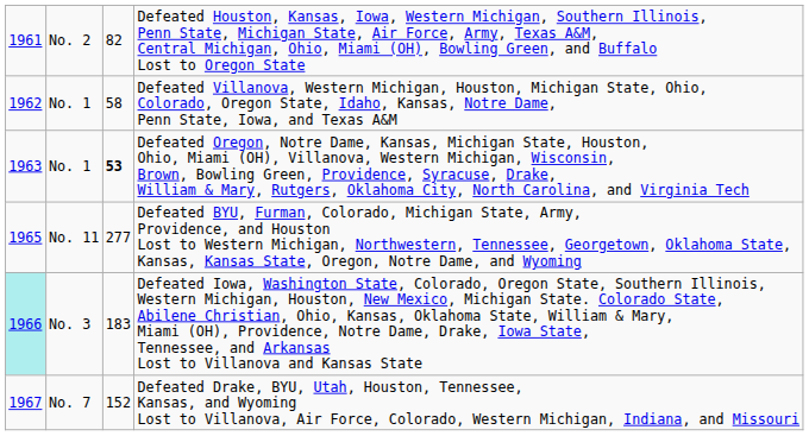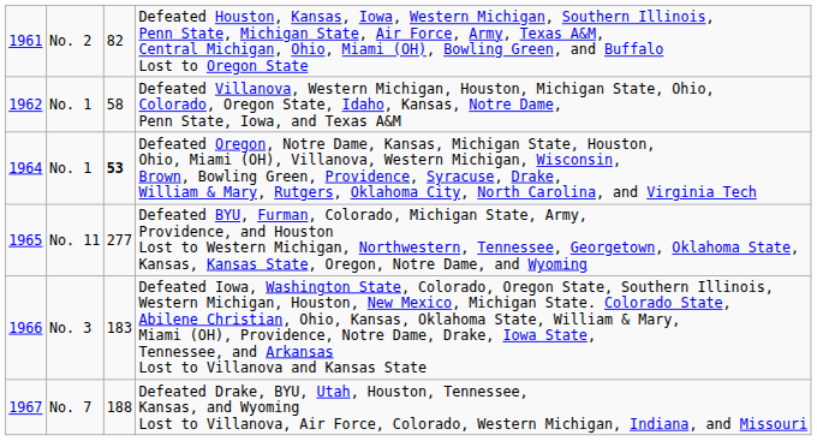 <table class="wikitable">
 <tr align="left" width="65%">
 <td><a href='#'>1961</a></td>
 <td>No. 2</td>
 <td>82</td>
 <td>Defeated <a href='#'>Houston</a>, <a href='#'>Kansas</a>, <a href='#'>Iowa</a>, <a href='#'>Western Michigan</a>, <a href='#'>Southern Illinois</a>, <br><a href='#'>Penn State</a>, <a href='#'>Michigan State</a>, <a href='#'>Air Force</a>, <a href='#'>Army</a>, <a href='#'>Texas A&M</a>, <br><a href='#'>Central Michigan</a>, <a href='#'>Ohio</a>, <a href='#'>Miami (OH)</a>, <a href='#'>Bowling Green</a>, and <a href='#'>Buffalo</a><br>Lost to <a href='#'>Oregon State</a></td>
 </tr>
 <tr align="left">
 <td><a href='#'>1962</a></td>
 <td>No. 1</td>
 <td>58</td>
 <td>Defeated <a href='#'>Villanova</a>, Western Michigan, Houston, Michigan State, Ohio, <br><a href='#'>Colorado</a>, Oregon State, <a href='#'>Idaho</a>, Kansas, <a href='#'>Notre Dame</a>, <br>Penn State, Iowa, and Texas A&M</td>
 </tr>
 <tr align="left">
-<td><a href='#'>1963</a></td>
+<td><a href='#'>1964</a></td>
 <td>No. 1</td>
 <td><strong>53</strong></td>
 <td>Defeated <a href='#'>Oregon</a>, Notre Dame, Kansas, Michigan State, Houston, <br>Ohio, Miami (OH), Villanova, Western Michigan, <a href='#'>Wisconsin</a>, <br><a href='#'>Brown</a>, Bowling Green, <a href='#'>Providence</a>, <a href='#'>Syracuse</a>, <a href='#'>Drake</a>, <br><a href='#'>William & Mary</a>, <a href='#'>Rutgers</a>, <a href='#'>Oklahoma City</a>, <a href='#'>North Carolina</a>, and <a href='#'>Virginia Tech</a></td>
 </tr>
 <tr align="left">
 <td><a href='#'>1965</a></td>
 <td>No. 11</td>
 <td>277</td>
 <td>Defeated <a href='#'>BYU</a>, <a href='#'>Furman</a>, Colorado, Michigan State, Army, <br>Providence, and Houston<br>Lost to Western Michigan, <a href='#'>Northwestern</a>, <a href='#'>Tennessee</a>, <a href='#'>Georgetown</a>, <a href='#'>Oklahoma State</a>, <br>Kansas, <a href='#'>Kansas State</a>, Oregon, Notre Dame, and <a href='#'>Wyoming</a></td>
 </tr>
 <tr align="left">
-<td style="background: paleturquoise;"><a href='#'>1966</a></td>
+<td><a href='#'>1966</a></td>
 <td>No. 3</td>
 <td>183</td>
 <td>Defeated Iowa, <a href='#'>Washington State</a>, Colorado, Oregon State, Southern Illinois, <br>Western Michigan, Houston, <a href='#'>New Mexico</a>, Michigan State. <a href='#'>Colorado State</a>, <br><a href='#'>Abilene Christian</a>, Ohio, Kansas, Oklahoma State, William & Mary, <br>Miami (OH), Providence, Notre Dame, Drake, <a href='#'>Iowa State</a>, <br>Tennessee, and <a href='#'>Arkansas</a><br>Lost to Villanova and Kansas State</td>
 </tr>
 <tr align="left">
 <td><a href='#'>1967</a></td>
 <td>No. 7</td>
-<td>152</td>
+<td>188</td>
 <td>Defeated Drake, BYU, <a href='#'>Utah</a>, Houston, Tennessee, <br>Kansas, and Wyoming<br>Lost to Villanova, Air Force, Colorado, Western Michigan, <a href='#'>Indiana</a>, and <a href='#'>Missouri</a></td>
 </tr>
 </table>
